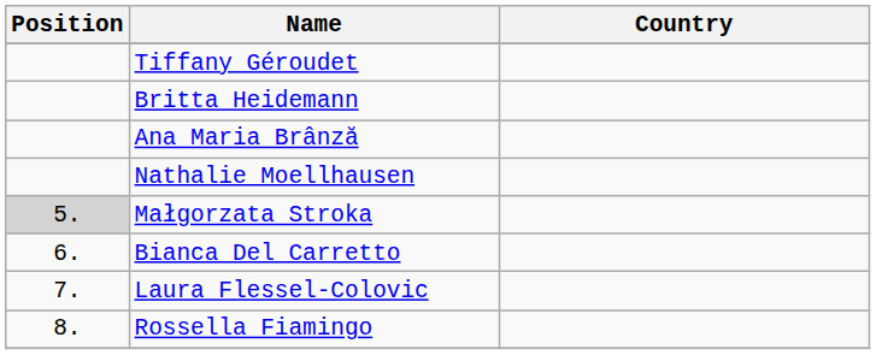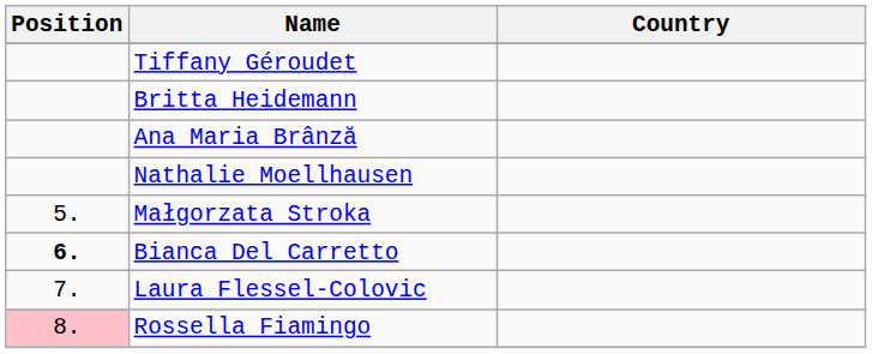 <table class="wikitable">
 <tr>
 <th width="20">Position</th>
 <th width="200">Name</th>
 <th width="200">Country</th>
 </tr>
 <tr>
 </tr>
 <tr>
 <td align="center"></td>
 <td><a href='#'>Tiffany Géroudet</a></td>
 <td></td>
 </tr>
 <tr>
 <td align="center"></td>
 <td><a href='#'>Britta Heidemann</a></td>
 <td></td>
 </tr>
 <tr>
 <td align="center"></td>
 <td><a href='#'>Ana Maria Brânză</a></td>
 <td></td>
 </tr>
 <tr>
 <td align="center"></td>
 <td><a href='#'>Nathalie Moellhausen</a></td>
 <td></td>
 </tr>
 <tr>
-<td align="center" style="background: lightgrey;">5.</td>
+<td align="center">5.</td>
 <td><a href='#'>Małgorzata Stroka</a></td>
 <td></td>
 </tr>
 <tr>
-<td align="center">6.</td>
+<td align="center"><strong>6.</strong></td>
 <td><a href='#'>Bianca Del Carretto</a></td>
 <td></td>
 </tr>
 <tr>
 <td align="center">7.</td>
 <td><a href='#'>Laura Flessel-Colovic</a></td>
 <td></td>
 </tr>
 <tr>
-<td align="center">8.</td>
+<td align="center" style="background: pink;">8.</td>
 <td><a href='#'>Rossella Fiamingo</a></td>
 <td></td>
 </tr>
 <tr>
 </tr>
 </table>
